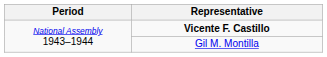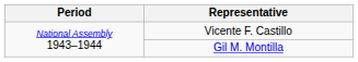 <table class="wikitable" style="text-align:center; width:40%;">
 <tr>
 <th width="40%">Period</th>
 <th>Representative</th>
 </tr>
 <tr>
 <td rowspan="2"><small><a href='#'><em>National Assembly</em></a></small><br>1943–1944</td>
-<td><strong>Vicente F. Castillo</strong></td>
+<td>Vicente F. Castillo</td>
 </tr>
 <tr>
 <td><a href='#'>Gil M. Montilla</a></td>
 </tr>
 </table>
